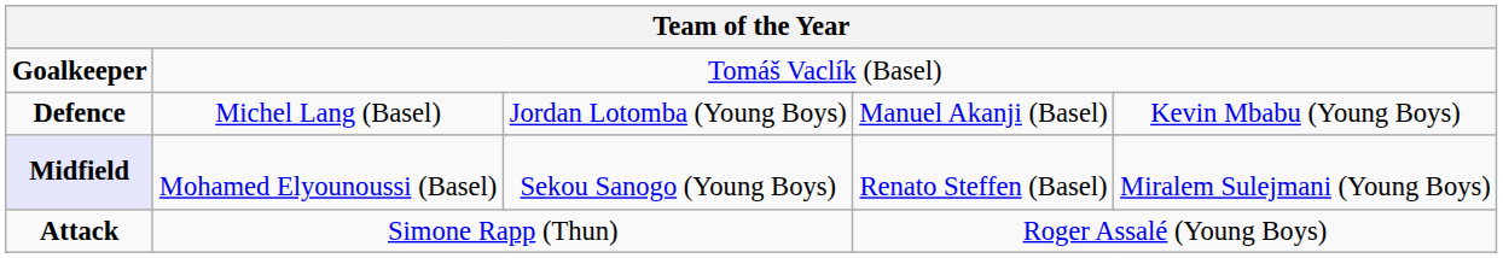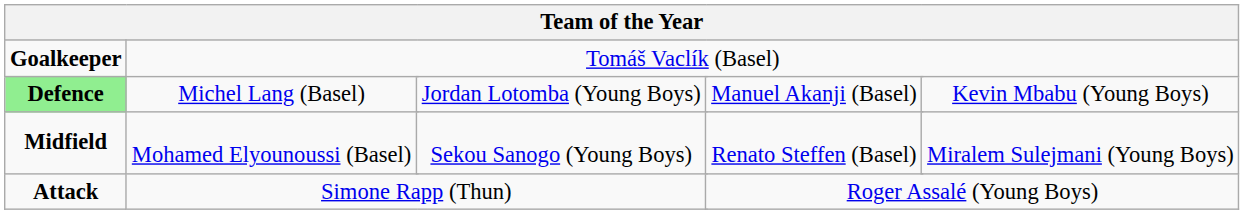 <table class="wikitable" style="text-align:center">
 <tr>
 <th colspan="13">Team of the Year</th>
 </tr>
 <tr>
 <td><strong>Goalkeeper</strong></td>
 <td colspan="12"> <a href='#'>Tomáš Vaclík</a> (Basel)</td>
 </tr>
 <tr>
-<td><strong>Defence</strong></td>
+<td style="background: lightgreen;"><strong>Defence</strong></td>
 <td colspan="3"> <a href='#'>Michel Lang</a> (Basel)</td>
 <td colspan="3"> <a href='#'>Jordan Lotomba</a> (Young Boys)</td>
 <td colspan="3"> <a href='#'>Manuel Akanji</a> (Basel)</td>
 <td colspan="3"> <a href='#'>Kevin Mbabu</a> (Young Boys)</td>
 </tr>
 <tr>
-<td style="background: lavender;"><strong>Midfield</strong></td>
+<td><strong>Midfield</strong></td>
 <td colspan="3"><br> <a href='#'>Mohamed Elyounoussi</a> (Basel)</td>
 <td colspan="3"><br> <a href='#'>Sekou Sanogo</a> (Young Boys)</td>
 <td colspan="3"><br> <a href='#'>Renato Steffen</a> (Basel)</td>
 <td colspan="3"><br> <a href='#'>Miralem Sulejmani</a>  (Young Boys)</td>
 </tr>
 <tr>
 <td><strong>Attack</strong></td>
 <td colspan="6"> <a href='#'>Simone Rapp</a> (Thun)</td>
 <td colspan="6"> <a href='#'>Roger Assalé</a> (Young Boys)</td>
 </tr>
 </table>
